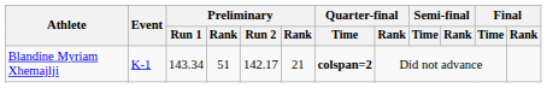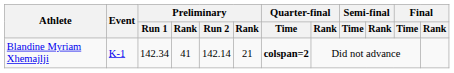 <table class=wikitable style=font-size:90%;text-align:center>
 <tr>
 <th rowspan=2>Athlete</th>
 <th rowspan=2>Event</th>
 <th colspan=4>Preliminary</th>
 <th colspan=2>Quarter-final</th>
 <th colspan=2>Semi-final</th>
 <th colspan=2>Final</th>
 </tr>
 <tr style=font-size:95%>
 <th>Run 1</th>
 <th>Rank</th>
 <th>Run 2</th>
 <th>Rank</th>
 <th>Time</th>
 <th>Rank</th>
 <th>Time</th>
 <th>Rank</th>
 <th>Time</th>
 <th>Rank</th>
 </tr>
 <tr>
 <td align=left><a href='#'>Blandine Myriam Xhemajlji</a></td>
 <td align=left rowspan=3><a href='#'>K-1</a></td>
-<td>143.34</td>
-<td>51</td>
-<td>142.17</td>
+<td>142.34</td>
+<td>41</td>
+<td>142.14</td>
 <td>21</td>
 <td><strong>colspan=2 </strong></td>
 <td colspan=4>Did  not advance</td>
 </tr>
 </table>
